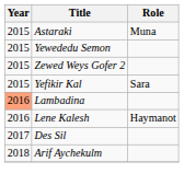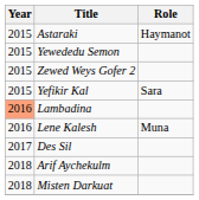 <table class="wikitable">
 <tr>
 <th>Year</th>
 <th>Title</th>
 <th>Role</th>
 </tr>
 <tr>
 <td>2015</td>
 <td><em>Astaraki</em></td>
-<td>Muna</td>
+<td>Haymanot</td>
 </tr>
 <tr>
 <td>2015</td>
 <td><em>Yewededu Semon</em></td>
 <td></td>
 </tr>
 <tr>
 <td>2015</td>
 <td><em>Zewed Weys Gofer 2</em></td>
 <td></td>
 </tr>
 <tr>
 <td>2015</td>
 <td><em>Yefikir Kal</em></td>
 <td>Sara</td>
 </tr>
 <tr>
 <td style="background: lightsalmon;">2016</td>
 <td><em>Lambadina</em></td>
 <td></td>
 </tr>
 <tr>
 <td>2016</td>
 <td><em>Lene Kalesh</em></td>
-<td>Haymanot</td>
+<td>Muna</td>
 </tr>
 <tr>
 <td>2017</td>
 <td><em>Des Sil</em></td>
 <td></td>
 </tr>
 <tr>
 <td>2018</td>
 <td><em>Arif Aychekulm</em></td>
 <td></td>
 </tr>
 <tr>
+<td>2018</td>
+<td><em>Misten Darkuat</em></td>
+<td></td>
+</tr>
+<tr>
 </tr>
 </table>
